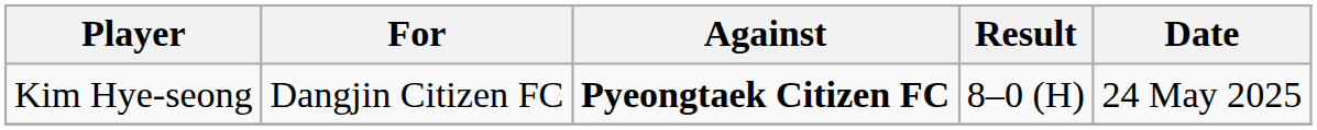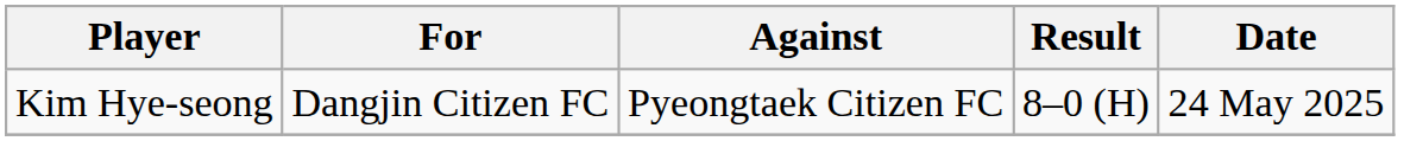 <table class="wikitable">
 <tr>
 <th>Player</th>
 <th>For</th>
 <th>Against</th>
 <th>Result</th>
 <th>Date</th>
 </tr>
 <tr>
 <td> Kim Hye-seong</td>
 <td>Dangjin Citizen FC</td>
-<td><strong>Pyeongtaek Citizen FC</strong></td>
+<td>Pyeongtaek Citizen FC</td>
 <td>8–0 (H)</td>
 <td>24 May 2025</td>
 </tr>
 <tr>
 </tr>
 </table>
